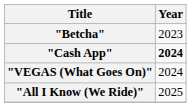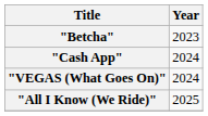 <table class="wikitable plainrowheaders" style="text-align:center;">
 <tr>
 <th scope="col">Title</th>
 <th scope="col">Year</th>
 </tr>
 <tr>
 <th scope="row">"Betcha" </th>
 <td>2023</td>
 </tr>
 <tr>
 <th scope="row">"Cash App" </th>
-<td><strong>2024</strong></td>
+<td>2024</td>
 </tr>
 <tr>
 <th scope="row">"VEGAS (What Goes On)" </th>
 <td>2024</td>
 </tr>
 <tr>
 <th scope="row">"All I Know (We Ride)" </th>
 <td>2025</td>
 </tr>
 <tr>
 </tr>
 </table>
